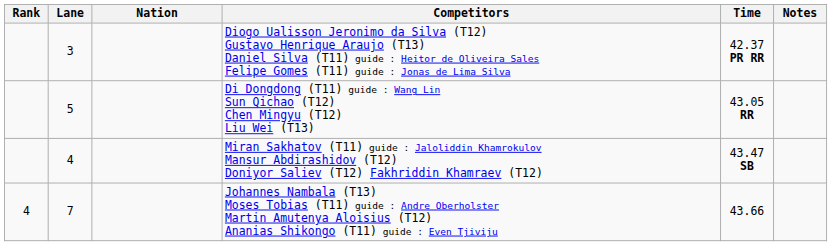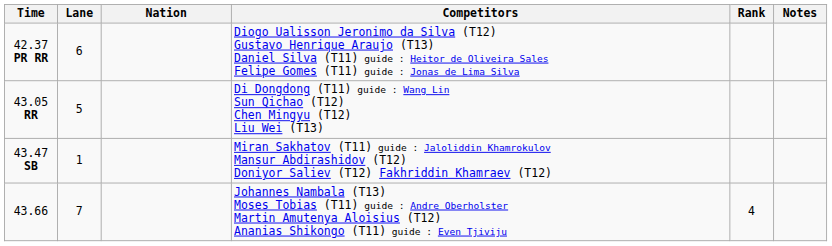 <table class="wikitable sortable"  style="width:70%; text-align:center; font-size:95%;">
 <tr>
-<th width=15>Rank</th>
+<th width=15>Time</th>
 <th width=15>Lane</th>
 <th width=100>Nation</th>
 <th width=400>Competitors</th>
-<th width=15>Time</th>
+<th width=15>Rank</th>
 <th width=15>Notes</th>
 </tr>
 <tr>
-<td></td>
-<td>3</td>
+<td>42.37 <strong>PR</strong> <strong>RR</strong></td>
+<td>6</td>
 <td align=left></td>
 <td align=left><a href='#'>Diogo Ualisson Jeronimo da Silva</a> (T12)<br><a href='#'>Gustavo Henrique Araujo</a> (T13)<br> <a href='#'>Daniel Silva</a> (T11)<small> guide : <a href='#'>Heitor de Oliveira Sales</a></small><br> <a href='#'>Felipe Gomes</a> (T11)<small> guide : <a href='#'>Jonas de Lima Silva</a></small></td>
-<td>42.37 <strong>PR</strong> <strong>RR</strong></td>
+<td></td>
 <td></td>
 </tr>
 <tr>
-<td></td>
+<td>43.05 <strong>RR</strong></td>
 <td>5</td>
 <td align=left></td>
 <td align=left><a href='#'>Di Dongdong</a> (T11)<small> guide : <a href='#'>Wang Lin</a></small><br><a href='#'>Sun Qichao</a> (T12)<br><a href='#'>Chen Mingyu</a> (T12)<br><a href='#'>Liu Wei</a> (T13)</td>
-<td>43.05 <strong>RR</strong></td>
+<td></td>
 <td></td>
 </tr>
 <tr>
-<td></td>
-<td>4</td>
+<td>43.47 <strong>SB</strong></td>
+<td>1</td>
 <td align=left></td>
 <td align=left><a href='#'>Miran Sakhatov</a> (T11)<small> guide : <a href='#'>Jaloliddin Khamrokulov</a></small><br><a href='#'>Mansur Abdirashidov</a> (T12) <br> <a href='#'>Doniyor Saliev</a> (T12) <a href='#'>Fakhriddin Khamraev</a> (T12)</td>
-<td>43.47 <strong>SB</strong></td>
+<td></td>
 <td></td>
 </tr>
 <tr>
-<td>4</td>
+<td>43.66</td>
 <td>7</td>
 <td align=left></td>
 <td align=left><a href='#'>Johannes Nambala</a> (T13)<br><a href='#'>Moses Tobias</a> (T11)<small> guide : <a href='#'>Andre Oberholster</a></small><br> <a href='#'>Martin Amutenya Aloisius</a> (T12)<br> <a href='#'>Ananias Shikongo</a> (T11)<small> guide : <a href='#'>Even Tjiviju</a></small></td>
-<td>43.66</td>
+<td>4</td>
 <td></td>
 </tr>
 </table>
